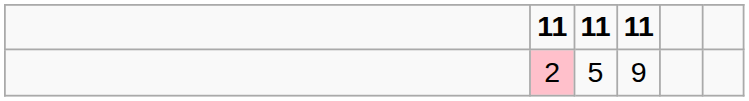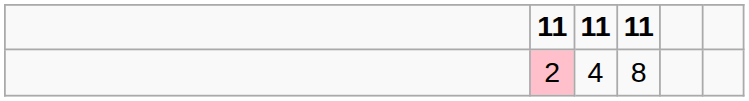 <table class="wikitable">
 <tr>
 <td style="width:18em"><strong> </strong></td>
 <td align=center style="width:1em"><strong>11</strong></td>
 <td align=center style="width:1em"><strong>11</strong></td>
 <td align=center style="width:1em"><strong>11</strong></td>
 <td align=center style="width:1em"></td>
 <td align=center style="width:1em"></td>
 </tr>
 <tr>
 <td style="width:18em"></td>
 <td align=center style="background: pink; width:1em">2</td>
-<td align=center style="width:1em">5</td>
-<td align=center style="width:1em">9</td>
+<td align=center style="width:1em">4</td>
+<td align=center style="width:1em">8</td>
 <td align=center style="width:1em"></td>
 <td align=center style="width:1em"></td>
 </tr>
 </table>
